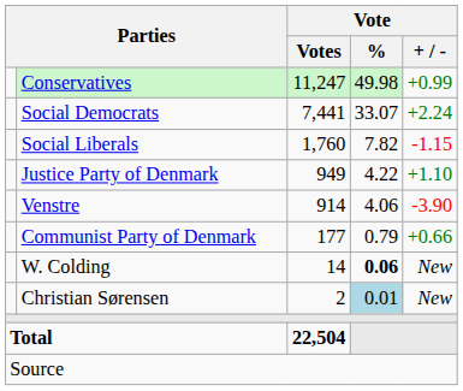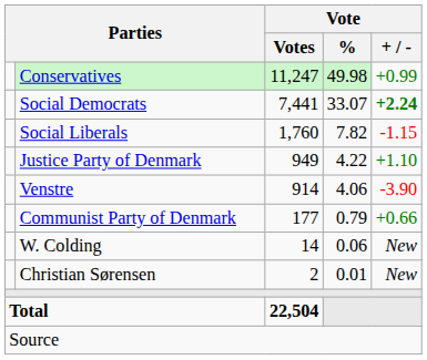 <table class="wikitable" style="text-align:right;">
 <tr>
 <th style="text-align:centre;" rowspan="2" colspan="2" width="225">Parties</th>
 <th colspan="3">Vote</th>
 </tr>
 <tr>
 <th width="15">Votes</th>
 <th width="15">%</th>
 <th width="15">+ / -</th>
 </tr>
 <tr>
 <td width="2" style="color:inherit;background:"></td>
 <td bgcolor=#ccf7cc  align="left"><a href='#'>Conservatives</a></td>
 <td bgcolor=#ccf7cc>11,247</td>
 <td bgcolor=#ccf7cc>49.98</td>
 <td style=color:green;>+0.99</td>
 </tr>
 <tr>
 <td width="2" style="color:inherit;background:"></td>
 <td align="left"><a href='#'>Social Democrats</a></td>
 <td>7,441</td>
 <td>33.07</td>
-<td style=color:green;>+2.24</td>
+<td style=color:green;><strong>+2.24</strong></td>
 </tr>
 <tr>
 <td width="2" style="color:inherit;background:"></td>
 <td align="left"><a href='#'>Social Liberals</a></td>
 <td>1,760</td>
 <td>7.82</td>
 <td style=color:red;>-1.15</td>
 </tr>
 <tr>
 <td width="2" style="color:inherit;background:"></td>
 <td align="left"><a href='#'>Justice Party of Denmark</a></td>
 <td>949</td>
 <td>4.22</td>
 <td style=color:green;>+1.10</td>
 </tr>
 <tr>
 <td width="2" style="color:inherit;background:"></td>
 <td align="left"><a href='#'>Venstre</a></td>
 <td>914</td>
 <td>4.06</td>
 <td style=color:red;>-3.90</td>
 </tr>
 <tr>
 <td width="2" style="color:inherit;background:"></td>
 <td align="left"><a href='#'>Communist Party of Denmark</a></td>
 <td>177</td>
 <td>0.79</td>
 <td style=color:green;>+0.66</td>
 </tr>
 <tr>
 <td width="2" style="color:inherit;background:"></td>
 <td align="left">W. Colding</td>
 <td>14</td>
-<td><strong>0.06</strong></td>
+<td>0.06</td>
 <td><em>New</em></td>
 </tr>
 <tr>
 <td width="2" style="color:inherit;background:"></td>
 <td align="left">Christian Sørensen</td>
 <td>2</td>
-<td style="background: lightblue;">0.01</td>
+<td>0.01</td>
 <td><em>New</em></td>
 </tr>
 <tr>
 <td colspan="7" bgcolor="#E9E9E9"></td>
 </tr>
 <tr>
 <td align="left" colspan="2"><strong>Total</strong></td>
 <td><strong>22,504</strong></td>
 <td bgcolor="#E9E9E9" colspan="2"></td>
 </tr>
 <tr>
 <td align="left" colspan="6">Source</td>
 </tr>
 </table>
